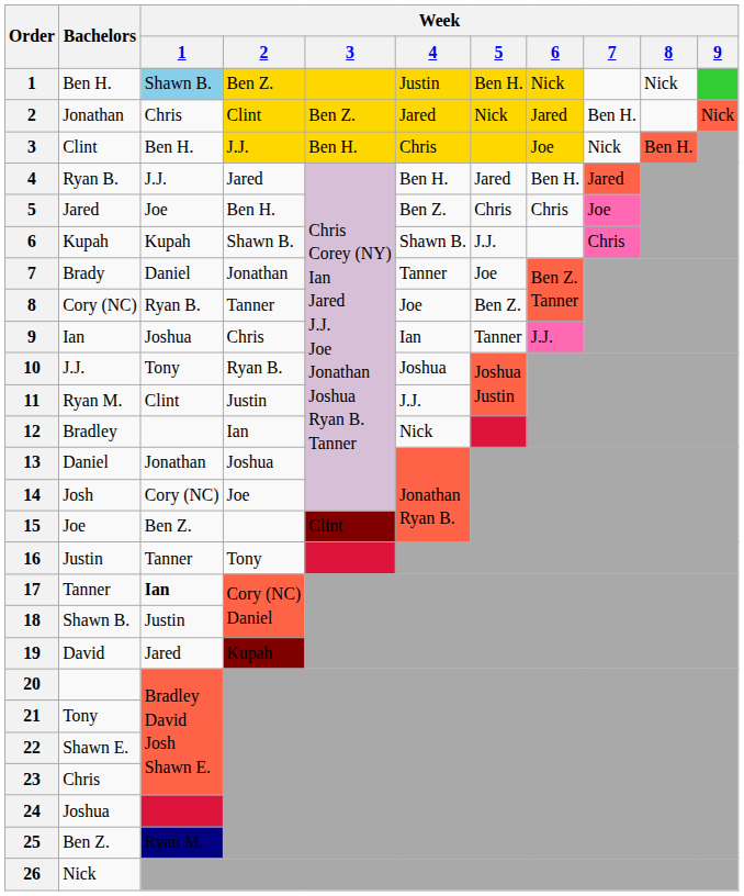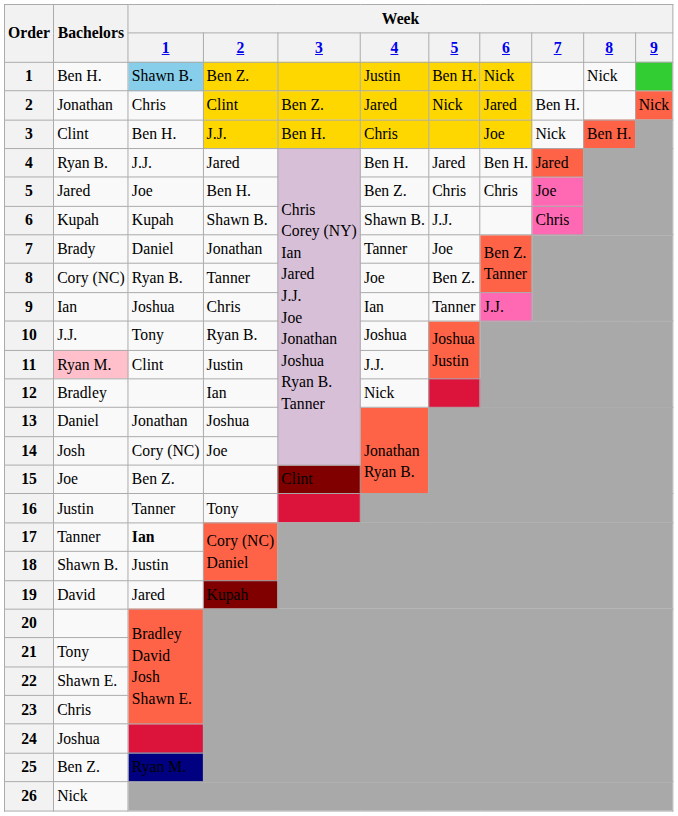 <table class="wikitable" style="line-height:22px" style="text-align:center">
 <tr>
 <th rowspan=2>Order</th>
 <th rowspan=2>Bachelors</th>
 <th colspan=9>Week</th>
 </tr>
 <tr>
 <th><a href='#'>1</a></th>
 <th><a href='#'>2</a></th>
 <th><a href='#'>3</a></th>
 <th><a href='#'>4</a></th>
 <th><a href='#'>5</a></th>
 <th><a href='#'>6</a></th>
 <th><a href='#'>7</a></th>
 <th><a href='#'>8</a></th>
 <th><a href='#'>9</a></th>
 </tr>
 <tr>
 <th>1</th>
 <td>Ben H.</td>
 <td bgcolor="skyblue">Shawn B.</td>
 <td bgcolor="gold">Ben Z.</td>
 <td bgcolor="gold"></td>
 <td bgcolor="gold">Justin</td>
 <td bgcolor="gold">Ben H.</td>
 <td bgcolor="gold">Nick</td>
 <td></td>
 <td>Nick</td>
 <td bgcolor="limegreen"></td>
 </tr>
 <tr>
 <th>2</th>
 <td>Jonathan</td>
 <td>Chris</td>
 <td bgcolor="gold">Clint</td>
 <td bgcolor="gold">Ben Z.</td>
 <td bgcolor="gold">Jared</td>
 <td bgcolor="gold">Nick</td>
 <td bgcolor="gold">Jared</td>
 <td>Ben H.</td>
 <td></td>
 <td bgcolor="tomato">Nick</td>
 </tr>
 <tr>
 <th>3</th>
 <td>Clint</td>
 <td>Ben H.</td>
 <td bgcolor="gold">J.J.</td>
 <td bgcolor="gold">Ben H.</td>
 <td bgcolor="gold">Chris</td>
 <td bgcolor="gold"></td>
 <td bgcolor="gold">Joe</td>
 <td>Nick</td>
 <td bgcolor="tomato">Ben H.</td>
 <td bgcolor="A9A9A9" colspan=2></td>
 </tr>
 <tr>
 <th>4</th>
 <td>Ryan B.</td>
 <td>J.J.</td>
 <td>Jared</td>
 <td rowspan="11" bgcolor="thistle">Chris<br>Corey (NY)<br>Ian<br>Jared<br>J.J.<br>Joe<br>Jonathan<br>Joshua<br>Ryan B.<br>Tanner</td>
 <td>Ben H.</td>
 <td>Jared</td>
 <td>Ben H.</td>
 <td bgcolor="tomato">Jared</td>
 <td bgcolor="A9A9A9" colspan=2 rowspan="3"></td>
 </tr>
 <tr>
 <th>5</th>
 <td>Jared</td>
 <td>Joe</td>
 <td>Ben H.</td>
 <td>Ben Z.</td>
 <td>Chris</td>
 <td>Chris</td>
 <td bgcolor="hotpink">Joe</td>
 </tr>
 <tr>
 <th>6</th>
 <td>Kupah</td>
 <td>Kupah</td>
 <td>Shawn B.</td>
 <td>Shawn B.</td>
 <td>J.J.</td>
 <td></td>
 <td bgcolor="hotpink">Chris</td>
 </tr>
 <tr>
 <th>7</th>
 <td>Brady</td>
 <td>Daniel</td>
 <td>Jonathan</td>
 <td>Tanner</td>
 <td>Joe</td>
 <td bgcolor="tomato" rowspan="2">Ben Z.<br>Tanner</td>
 <td bgcolor="A9A9A9" colspan=7 rowspan="3"></td>
 </tr>
 <tr>
 <th>8</th>
 <td>Cory (NC)</td>
 <td>Ryan B.</td>
 <td>Tanner</td>
 <td>Joe</td>
 <td>Ben Z.</td>
 </tr>
 <tr>
 <th>9</th>
 <td>Ian</td>
 <td>Joshua</td>
 <td>Chris</td>
 <td>Ian</td>
 <td>Tanner</td>
 <td bgcolor="hotpink">J.J.</td>
 </tr>
 <tr>
 <th>10</th>
 <td>J.J.</td>
 <td>Tony</td>
 <td>Ryan B.</td>
 <td>Joshua</td>
 <td bgcolor="tomato" rowspan="2">Joshua<br>Justin</td>
 <td bgcolor="A9A9A9" colspan=7 rowspan="3"></td>
 </tr>
 <tr>
 <th>11</th>
-<td>Ryan M.</td>
+<td style="background: pink;">Ryan M.</td>
 <td>Clint</td>
 <td>Justin</td>
 <td>J.J.</td>
 </tr>
 <tr>
 <th>12</th>
 <td>Bradley</td>
 <td></td>
 <td>Ian</td>
 <td>Nick</td>
 <td bgcolor="crimson"></td>
 </tr>
 <tr>
 <th>13</th>
 <td>Daniel</td>
 <td>Jonathan</td>
 <td>Joshua</td>
 <td bgcolor="tomato" rowspan="3"><br>Jonathan<br>Ryan B.</td>
 <td bgcolor="A9A9A9" colspan=7 rowspan="3"></td>
 </tr>
 <tr>
 <th>14</th>
 <td>Josh</td>
 <td>Cory (NC)</td>
 <td>Joe</td>
 </tr>
 <tr>
 <th>15</th>
 <td>Joe</td>
 <td>Ben Z.</td>
 <td></td>
 <td bgcolor="maroon"><span>Clint</span></td>
 </tr>
 <tr>
 <th>16</th>
 <td>Justin</td>
 <td>Tanner</td>
 <td>Tony</td>
 <td bgcolor="crimson"></td>
 <td bgcolor="A9A9A9" colspan=8></td>
 </tr>
 <tr>
 <th>17</th>
 <td>Tanner</td>
 <td><strong>Ian</strong></td>
 <td bgcolor="tomato" rowspan="2">Cory (NC)<br>Daniel</td>
 <td bgcolor="A9A9A9" colspan=8 rowspan="3"></td>
 </tr>
 <tr>
 <th>18</th>
 <td>Shawn B.</td>
 <td>Justin</td>
 </tr>
 <tr>
 <th>19</th>
 <td>David</td>
 <td>Jared</td>
 <td bgcolor="maroon"><span>Kupah</span></td>
 </tr>
 <tr>
 <th>20</th>
 <td></td>
 <td bgcolor="tomato" rowspan="4">Bradley<br>David<br>Josh<br>Shawn E.</td>
 <td bgcolor="A9A9A9" colspan=8 rowspan="6"></td>
 </tr>
 <tr>
 <th>21</th>
 <td>Tony</td>
 </tr>
 <tr>
 <th>22</th>
 <td>Shawn E.</td>
 </tr>
 <tr>
 <th>23</th>
 <td>Chris</td>
 </tr>
 <tr>
 <th>24</th>
 <td>Joshua</td>
 <td bgcolor="crimson"></td>
 </tr>
 <tr>
 <th>25</th>
 <td>Ben Z.</td>
 <td bgcolor="navy"><span>Ryan M.</span></td>
 </tr>
 <tr>
 <th>26</th>
 <td>Nick</td>
 <td bgcolor="A9A9A9" colspan=9></td>
 </tr>
 </table>
